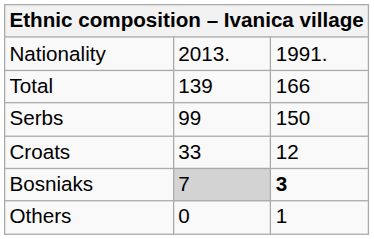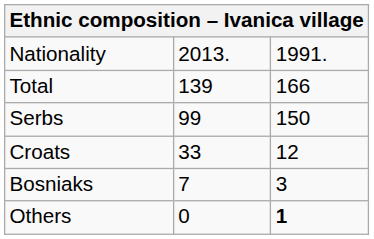 <table class="wikitable">
 <tr>
 <th colspan="3">Ethnic composition – Ivanica village</th>
 </tr>
 <tr>
 <td>Nationality</td>
 <td>2013.</td>
 <td>1991.</td>
 </tr>
 <tr>
 <td>Total</td>
 <td>139</td>
 <td>166</td>
 </tr>
 <tr>
 <td>Serbs</td>
 <td>99</td>
 <td>150</td>
 </tr>
 <tr>
 <td>Croats</td>
 <td>33</td>
 <td>12</td>
 </tr>
 <tr>
 <td>Bosniaks</td>
-<td style="background: lightgrey;">7</td>
-<td><strong>3</strong></td>
+<td>7</td>
+<td>3</td>
 </tr>
 <tr>
 <td>Others</td>
 <td>0</td>
-<td>1</td>
+<td><strong>1</strong></td>
 </tr>
 </table>
